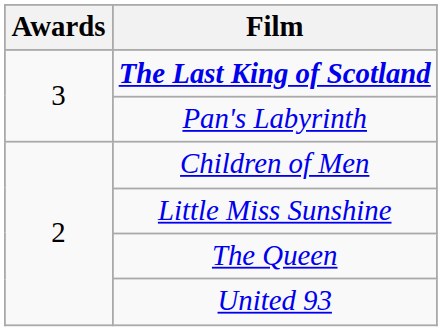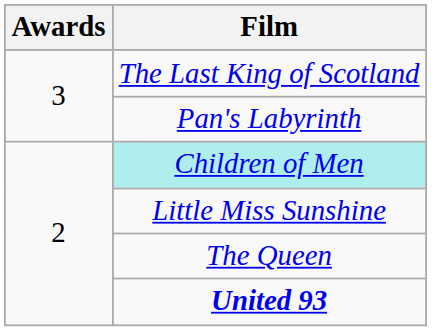 <table class="wikitable" style="text-align:center;">
 <tr>
 <th style="background:">Awards</th>
 <th style="background:">Film</th>
 </tr>
 <tr>
 <td rowspan="2">3</td>
-<td><strong><em><a href='#'>The Last King of Scotland</a></em></strong></td>
+<td><em><a href='#'>The Last King of Scotland</a></em></td>
 </tr>
 <tr>
 <td><em><a href='#'>Pan's Labyrinth</a></em></td>
 </tr>
 <tr>
 <td rowspan="4">2</td>
-<td><em><a href='#'>Children of Men</a></em></td>
+<td style="background: paleturquoise;"><em><a href='#'>Children of Men</a></em></td>
 </tr>
 <tr>
 <td><em><a href='#'>Little Miss Sunshine</a></em></td>
 </tr>
 <tr>
 <td><em><a href='#'>The Queen</a></em></td>
 </tr>
 <tr>
-<td><em><a href='#'>United 93</a></em></td>
+<td><strong><em><a href='#'>United 93</a></em></strong></td>
 </tr>
 </table>
